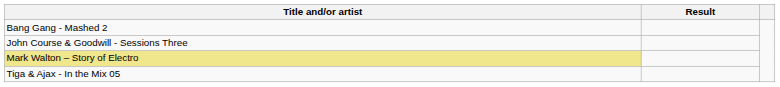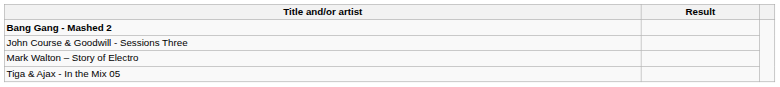 <table class="wikitable" width="100%">
 <tr>
 <th scope="col">Title and/or artist</th>
 <th scope="col">Result</th>
 <th scope="col"></th>
 </tr>
 <tr>
-<td>Bang Gang - Mashed 2</td>
+<td><strong>Bang Gang - Mashed 2</strong></td>
 <td></td>
 <td rowspan="4"></td>
 </tr>
 <tr>
 <td>John Course & Goodwill - Sessions Three</td>
 <td></td>
 </tr>
 <tr>
-<td style="background: khaki;">Mark Walton – Story of Electro</td>
+<td>Mark Walton – Story of Electro</td>
 <td></td>
 </tr>
 <tr>
 <td>Tiga & Ajax - In the Mix 05</td>
 <td></td>
 </tr>
 </table>
